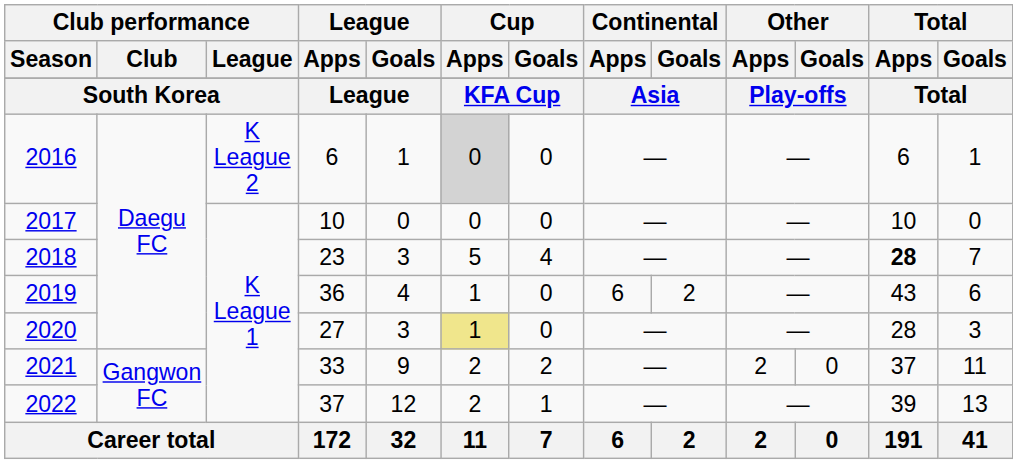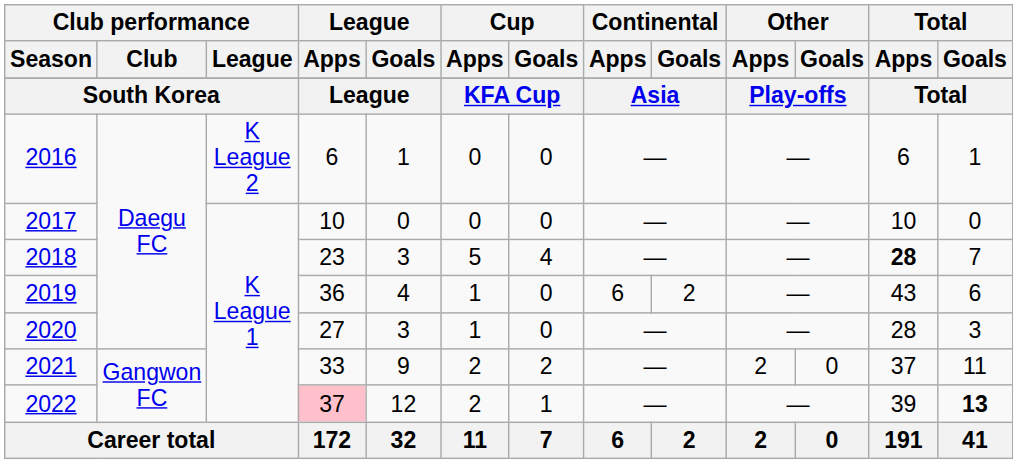 <table class="wikitable" style="text-align:center">
 <tr>
 <th colspan=3>Club performance</th>
 <th colspan=2>League</th>
 <th colspan=2>Cup</th>
 <th colspan=2>Continental</th>
 <th colspan=2>Other</th>
 <th colspan=2>Total</th>
 </tr>
 <tr>
 <th>Season</th>
 <th>Club</th>
 <th>League</th>
 <th>Apps</th>
 <th>Goals</th>
 <th>Apps</th>
 <th>Goals</th>
 <th>Apps</th>
 <th>Goals</th>
 <th>Apps</th>
 <th>Goals</th>
 <th>Apps</th>
 <th>Goals</th>
 </tr>
 <tr>
 </tr>
 <tr>
 <th colspan=3>South Korea</th>
 <th colspan=2>League</th>
 <th colspan=2><a href='#'>KFA Cup</a></th>
 <th colspan=2><a href='#'>Asia</a></th>
 <th colspan=2><a href='#'>Play-offs</a></th>
 <th colspan=2>Total</th>
 </tr>
 <tr>
 <td><a href='#'>2016</a></td>
 <td rowspan="5"><a href='#'>Daegu FC</a></td>
 <td rowspan="1"><a href='#'>K League 2</a></td>
 <td>6</td>
 <td>1</td>
-<td style="background: lightgrey;">0</td>
+<td>0</td>
 <td>0</td>
 <td colspan="2">—</td>
 <td colspan="2">—</td>
 <td>6</td>
 <td>1</td>
 </tr>
 <tr>
 <td><a href='#'>2017</a></td>
 <td rowspan="6"><a href='#'>K League 1</a></td>
 <td>10</td>
 <td>0</td>
 <td>0</td>
 <td>0</td>
 <td colspan="2">—</td>
 <td colspan="2">—</td>
 <td>10</td>
 <td>0</td>
 </tr>
 <tr>
 <td><a href='#'>2018</a></td>
 <td>23</td>
 <td>3</td>
 <td>5</td>
 <td>4</td>
 <td colspan="2">—</td>
 <td colspan="2">—</td>
 <td><strong>28</strong></td>
 <td>7</td>
 </tr>
 <tr>
 <td><a href='#'>2019</a></td>
 <td>36</td>
 <td>4</td>
 <td>1</td>
 <td>0</td>
 <td>6</td>
 <td>2</td>
 <td colspan="2">—</td>
 <td>43</td>
 <td>6</td>
 </tr>
 <tr>
 <td><a href='#'>2020</a></td>
 <td>27</td>
 <td>3</td>
-<td style="background: khaki;">1</td>
+<td>1</td>
 <td>0</td>
 <td colspan="2">—</td>
 <td colspan="2">—</td>
 <td>28</td>
 <td>3</td>
 </tr>
 <tr>
 <td><a href='#'>2021</a></td>
 <td rowspan="2"><a href='#'>Gangwon FC</a></td>
 <td>33</td>
 <td>9</td>
 <td>2</td>
 <td>2</td>
 <td colspan="2">—</td>
 <td>2</td>
 <td>0</td>
 <td>37</td>
 <td>11</td>
 </tr>
 <tr>
 <td><a href='#'>2022</a></td>
-<td>37</td>
+<td style="background: pink;">37</td>
 <td>12</td>
 <td>2</td>
 <td>1</td>
 <td colspan="2">—</td>
 <td colspan="2">—</td>
 <td>39</td>
-<td>13</td>
+<td><strong>13</strong></td>
 </tr>
 <tr>
 <th colspan=3>Career total</th>
 <th>172</th>
 <th>32</th>
 <th>11</th>
 <th>7</th>
 <th>6</th>
 <th>2</th>
 <th>2</th>
 <th>0</th>
 <th>191</th>
 <th>41</th>
 </tr>
 </table>
